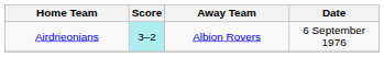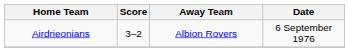 <table class="wikitable" style="text-align:center;">
 <tr>
 <th width=175>Home Team</th>
 <th width=20>Score</th>
 <th width=175>Away Team</th>
 <th width= 125>Date</th>
 </tr>
 <tr>
 <td><a href='#'>Airdrieonians</a></td>
-<td style="background: paleturquoise;">3–2</td>
+<td>3–2</td>
 <td><a href='#'>Albion Rovers</a></td>
 <td>6 September 1976</td>
 </tr>
 <tr>
 </tr>
 </table>
